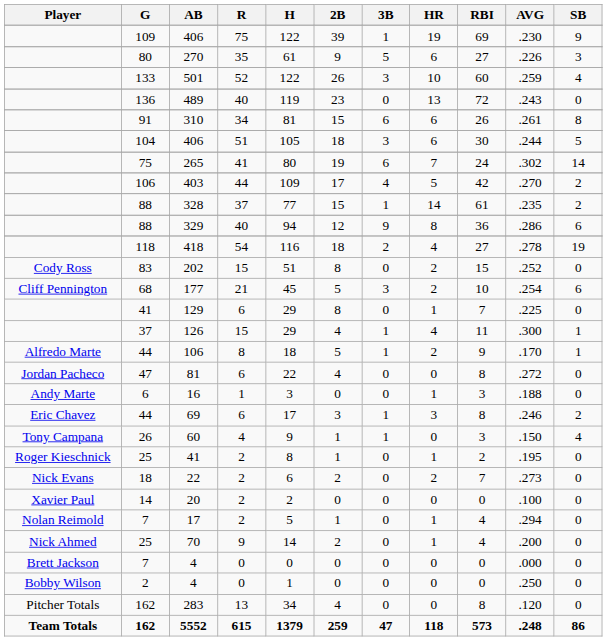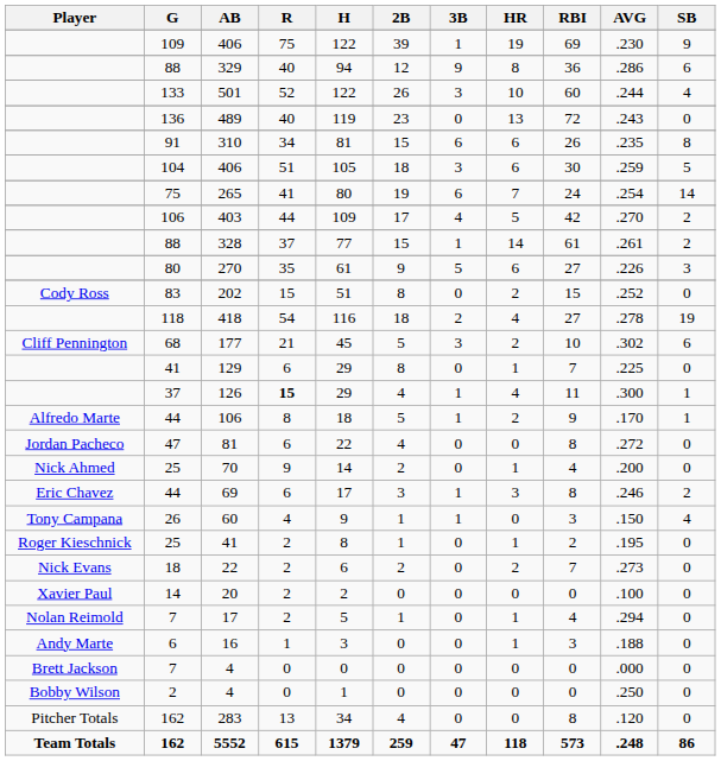 <table class="wikitable sortable" style="text-align:center; border:1; cellpadding:2; cellspacing:0;">
 <tr>
 <th bgcolor="#DDDDFF" width="17%">Player</th>
 <th bgcolor="#DDDDFF" width="7%">G</th>
 <th bgcolor="#DDDDFF" width="7%">AB</th>
 <th bgcolor="#DDDDFF" width="7%">R</th>
 <th bgcolor="#DDDDFF" width="7%">H</th>
 <th bgcolor="#DDDDFF" width="7%">2B</th>
 <th bgcolor="#DDDDFF" width="7%">3B</th>
 <th bgcolor="#DDDDFF" width="7%">HR</th>
 <th bgcolor="#DDDDFF" width="7%">RBI</th>
 <th bgcolor="#DDDDFF" width="7%">AVG</th>
 <th bgcolor="#DDDDFF" width="7%">SB</th>
 </tr>
 <tr>
 </tr>
 <tr style="text-align:center;">
 <td></td>
 <td>109</td>
 <td>406</td>
 <td>75</td>
 <td>122</td>
 <td>39</td>
 <td>1</td>
 <td>19</td>
 <td>69</td>
 <td>.230</td>
 <td>9</td>
 </tr>
 <tr>
 </tr>
 <tr style="text-align:center;">
 <td></td>
-<td>80</td>
-<td>270</td>
-<td>35</td>
-<td>61</td>
+<td>88</td>
+<td>329</td>
+<td>40</td>
+<td>94</td>
+<td>12</td>
 <td>9</td>
-<td>5</td>
+<td>8</td>
+<td>36</td>
+<td>.286</td>
 <td>6</td>
-<td>27</td>
-<td>.226</td>
-<td>3</td>
 </tr>
 <tr>
 </tr>
 <tr style="text-align:center;">
 <td></td>
 <td>133</td>
 <td>501</td>
 <td>52</td>
 <td>122</td>
 <td>26</td>
 <td>3</td>
 <td>10</td>
 <td>60</td>
-<td>.259</td>
+<td>.244</td>
 <td>4</td>
 </tr>
 <tr>
 </tr>
 <tr style="text-align:center;">
 <td></td>
 <td>136</td>
 <td>489</td>
 <td>40</td>
 <td>119</td>
 <td>23</td>
 <td>0</td>
 <td>13</td>
 <td>72</td>
 <td>.243</td>
 <td>0</td>
 </tr>
 <tr>
 </tr>
 <tr style="text-align:center;">
 <td></td>
 <td>91</td>
 <td>310</td>
 <td>34</td>
 <td>81</td>
 <td>15</td>
 <td>6</td>
 <td>6</td>
 <td>26</td>
-<td>.261</td>
+<td>.235</td>
 <td>8</td>
 </tr>
 <tr>
 </tr>
 <tr style="text-align:center;">
 <td></td>
 <td>104</td>
 <td>406</td>
 <td>51</td>
 <td>105</td>
 <td>18</td>
 <td>3</td>
 <td>6</td>
 <td>30</td>
-<td>.244</td>
+<td>.259</td>
 <td>5</td>
 </tr>
 <tr>
 </tr>
 <tr style="text-align:center;">
 <td></td>
 <td>75</td>
 <td>265</td>
 <td>41</td>
 <td>80</td>
 <td>19</td>
 <td>6</td>
 <td>7</td>
 <td>24</td>
-<td>.302</td>
+<td>.254</td>
 <td>14</td>
 </tr>
 <tr>
 </tr>
 <tr style="text-align:center;">
 <td></td>
 <td>106</td>
 <td>403</td>
 <td>44</td>
 <td>109</td>
 <td>17</td>
 <td>4</td>
 <td>5</td>
 <td>42</td>
 <td>.270</td>
 <td>2</td>
 </tr>
 <tr>
 </tr>
 <tr style="text-align:center;">
 <td></td>
 <td>88</td>
 <td>328</td>
 <td>37</td>
 <td>77</td>
 <td>15</td>
 <td>1</td>
 <td>14</td>
 <td>61</td>
-<td>.235</td>
+<td>.261</td>
 <td>2</td>
 </tr>
 <tr>
 </tr>
 <tr style="text-align:center;">
 <td></td>
-<td>88</td>
-<td>329</td>
-<td>40</td>
-<td>94</td>
-<td>12</td>
+<td>80</td>
+<td>270</td>
+<td>35</td>
+<td>61</td>
 <td>9</td>
-<td>8</td>
-<td>36</td>
-<td>.286</td>
+<td>5</td>
 <td>6</td>
+<td>27</td>
+<td>.226</td>
+<td>3</td>
 </tr>
 <tr>
-</tr>
-<tr style="text-align:center;">
-<td></td>
-<td>118</td>
-<td>418</td>
-<td>54</td>
-<td>116</td>
-<td>18</td>
-<td>2</td>
-<td>4</td>
-<td>27</td>
-<td>.278</td>
-<td>19</td>
 </tr>
 <tr align=center>
 <td><a href='#'>Cody Ross</a></td>
 <td>83</td>
 <td>202</td>
 <td>15</td>
 <td>51</td>
 <td>8</td>
 <td>0</td>
 <td>2</td>
 <td>15</td>
 <td>.252</td>
 <td>0</td>
 </tr>
 <tr style="text-align:center;">
+<td></td>
+<td>118</td>
+<td>418</td>
+<td>54</td>
+<td>116</td>
+<td>18</td>
+<td>2</td>
+<td>4</td>
+<td>27</td>
+<td>.278</td>
+<td>19</td>
+</tr>
+<tr style="text-align:center;">
 <td><a href='#'>Cliff Pennington</a></td>
 <td>68</td>
 <td>177</td>
 <td>21</td>
 <td>45</td>
 <td>5</td>
 <td>3</td>
 <td>2</td>
 <td>10</td>
-<td>.254</td>
+<td>.302</td>
 <td>6</td>
 </tr>
 <tr align=center>
 <td></td>
 <td>41</td>
 <td>129</td>
 <td>6</td>
 <td>29</td>
 <td>8</td>
 <td>0</td>
 <td>1</td>
 <td>7</td>
 <td>.225</td>
 <td>0</td>
 </tr>
 <tr style="text-align:center;">
 <td></td>
 <td>37</td>
 <td>126</td>
-<td>15</td>
+<td><strong>15</strong></td>
 <td>29</td>
 <td>4</td>
 <td>1</td>
 <td>4</td>
 <td>11</td>
 <td>.300</td>
 <td>1</td>
 </tr>
 <tr style="text-align:center;">
 <td><a href='#'>Alfredo Marte</a></td>
 <td>44</td>
 <td>106</td>
 <td>8</td>
 <td>18</td>
 <td>5</td>
 <td>1</td>
 <td>2</td>
 <td>9</td>
 <td>.170</td>
 <td>1</td>
 </tr>
 <tr align=center>
 <td><a href='#'>Jordan Pacheco</a></td>
 <td>47</td>
 <td>81</td>
 <td>6</td>
 <td>22</td>
 <td>4</td>
 <td>0</td>
 <td>0</td>
 <td>8</td>
 <td>.272</td>
 <td>0</td>
 </tr>
 <tr align=center>
-<td><a href='#'>Andy Marte</a></td>
-<td>6</td>
-<td>16</td>
-<td>1</td>
-<td>3</td>
-<td>0</td>
+<td><a href='#'>Nick Ahmed</a></td>
+<td>25</td>
+<td>70</td>
+<td>9</td>
+<td>14</td>
+<td>2</td>
 <td>0</td>
 <td>1</td>
-<td>3</td>
-<td>.188</td>
+<td>4</td>
+<td>.200</td>
 <td>0</td>
 </tr>
 <tr align=center>
 <td><a href='#'>Eric Chavez</a></td>
 <td>44</td>
 <td>69</td>
 <td>6</td>
 <td>17</td>
 <td>3</td>
 <td>1</td>
 <td>3</td>
 <td>8</td>
 <td>.246</td>
 <td>2</td>
 </tr>
 <tr align=center>
 <td><a href='#'>Tony Campana</a></td>
 <td>26</td>
 <td>60</td>
 <td>4</td>
 <td>9</td>
 <td>1</td>
 <td>1</td>
 <td>0</td>
 <td>3</td>
 <td>.150</td>
 <td>4</td>
 </tr>
 <tr align=center>
 <td><a href='#'>Roger Kieschnick</a></td>
 <td>25</td>
 <td>41</td>
 <td>2</td>
 <td>8</td>
 <td>1</td>
 <td>0</td>
 <td>1</td>
 <td>2</td>
 <td>.195</td>
 <td>0</td>
 </tr>
 <tr align=center>
 <td><a href='#'>Nick Evans</a></td>
 <td>18</td>
 <td>22</td>
 <td>2</td>
 <td>6</td>
 <td>2</td>
 <td>0</td>
 <td>2</td>
 <td>7</td>
 <td>.273</td>
 <td>0</td>
 </tr>
 <tr align=center>
 <td><a href='#'>Xavier Paul</a></td>
 <td>14</td>
 <td>20</td>
 <td>2</td>
 <td>2</td>
 <td>0</td>
 <td>0</td>
 <td>0</td>
 <td>0</td>
 <td>.100</td>
 <td>0</td>
 </tr>
 <tr align=center>
 <td><a href='#'>Nolan Reimold</a></td>
 <td>7</td>
 <td>17</td>
 <td>2</td>
 <td>5</td>
 <td>1</td>
 <td>0</td>
 <td>1</td>
 <td>4</td>
 <td>.294</td>
 <td>0</td>
 </tr>
 <tr align=center>
-<td><a href='#'>Nick Ahmed</a></td>
-<td>25</td>
-<td>70</td>
-<td>9</td>
-<td>14</td>
-<td>2</td>
+<td><a href='#'>Andy Marte</a></td>
+<td>6</td>
+<td>16</td>
+<td>1</td>
+<td>3</td>
+<td>0</td>
 <td>0</td>
 <td>1</td>
-<td>4</td>
-<td>.200</td>
+<td>3</td>
+<td>.188</td>
 <td>0</td>
 </tr>
 <tr align=center>
 <td><a href='#'>Brett Jackson</a></td>
 <td>7</td>
 <td>4</td>
 <td>0</td>
 <td>0</td>
 <td>0</td>
 <td>0</td>
 <td>0</td>
 <td>0</td>
 <td>.000</td>
 <td>0</td>
 </tr>
 <tr align=center>
 <td><a href='#'>Bobby Wilson</a></td>
 <td>2</td>
 <td>4</td>
 <td>0</td>
 <td>1</td>
 <td>0</td>
 <td>0</td>
 <td>0</td>
 <td>0</td>
 <td>.250</td>
 <td>0</td>
 </tr>
 <tr align=center>
 <td>Pitcher Totals</td>
 <td>162</td>
 <td>283</td>
 <td>13</td>
 <td>34</td>
 <td>4</td>
 <td>0</td>
 <td>0</td>
 <td>8</td>
 <td>.120</td>
 <td>0</td>
 </tr>
 <tr align=center>
 <td><strong>Team Totals</strong></td>
 <td><strong>162</strong></td>
 <td><strong>5552</strong></td>
 <td><strong>615</strong></td>
 <td><strong>1379</strong></td>
 <td><strong>259</strong></td>
 <td><strong>47</strong></td>
 <td><strong>118</strong></td>
 <td><strong>573</strong></td>
 <td><strong>.248</strong></td>
 <td><strong>86</strong></td>
 </tr>
 </table>
